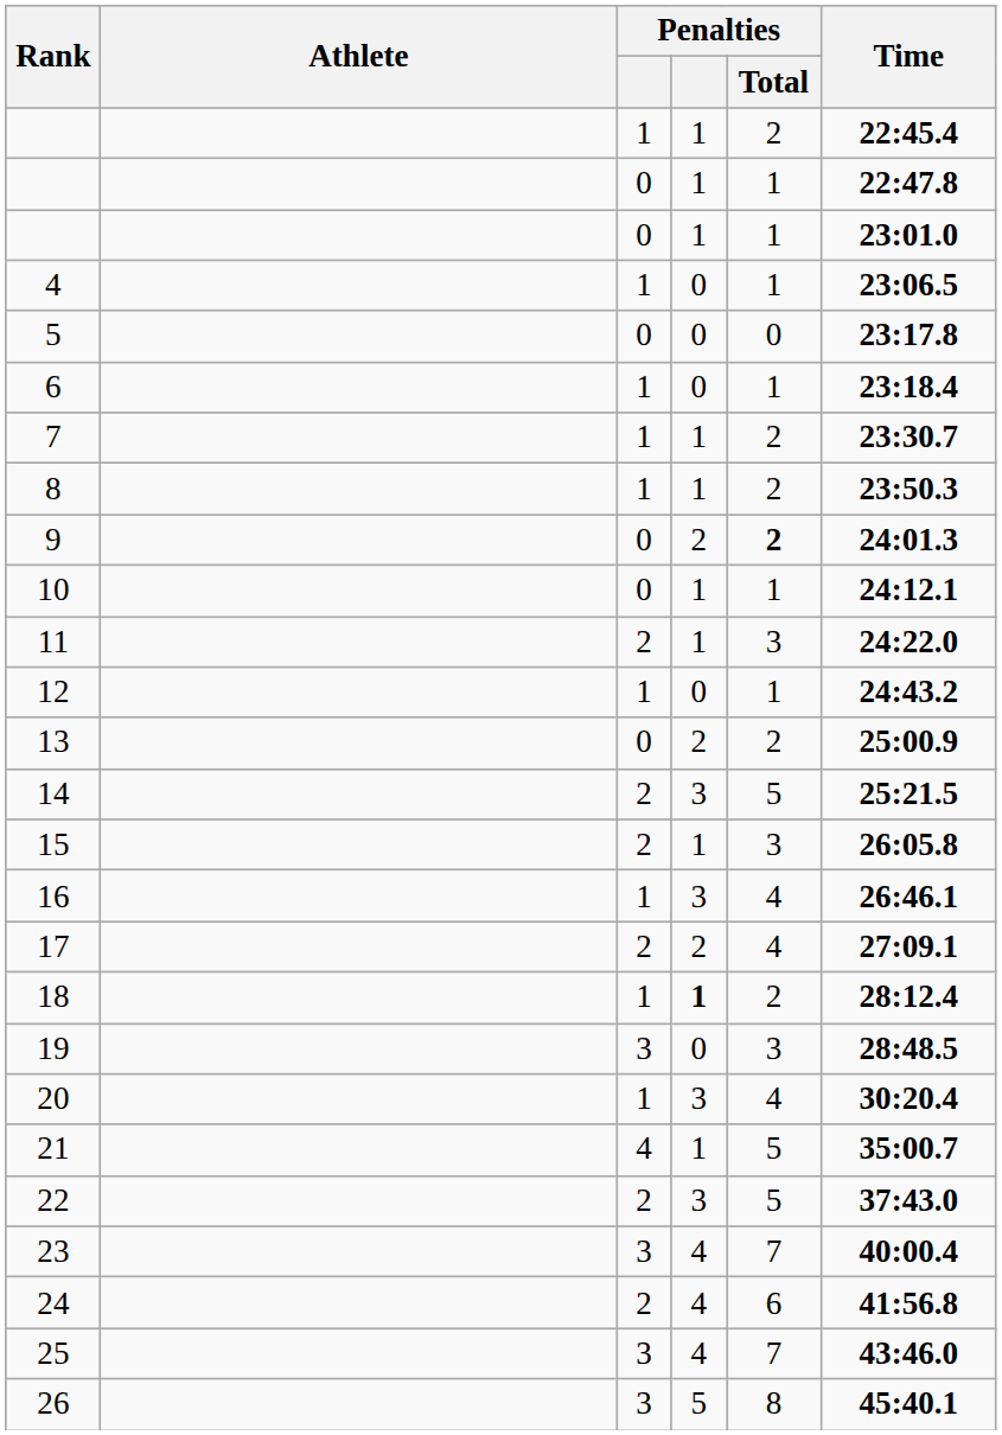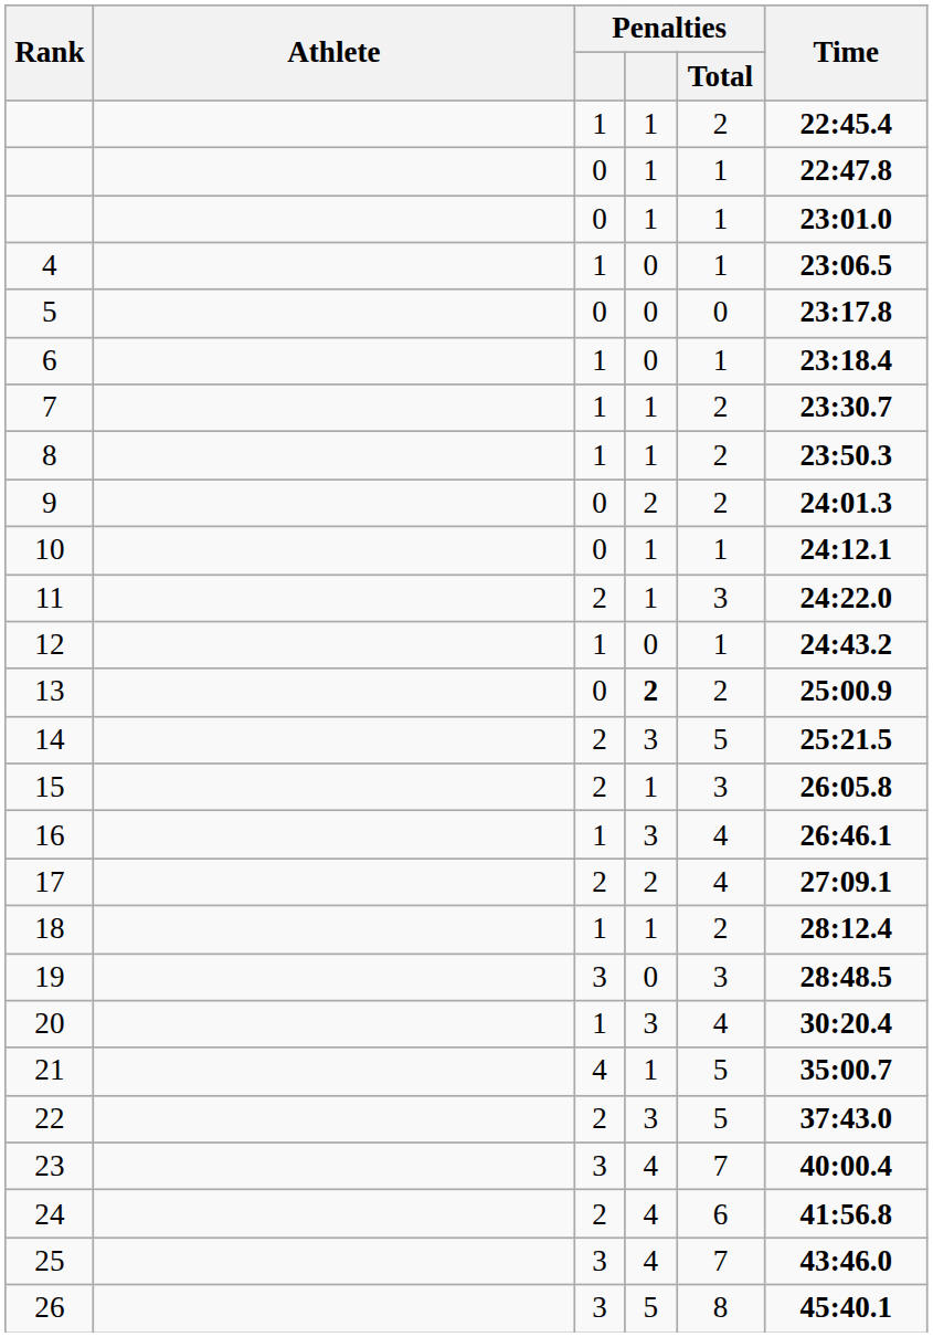 <table class=wikitable style="text-align:center">
 <tr>
 <th rowspan=2 width=40>Rank</th>
 <th rowspan=2 width=250>Athlete</th>
 <th colspan=3>Penalties</th>
 <th rowspan=2 width=80>Time</th>
 </tr>
 <tr>
 <th width=20></th>
 <th width=20></th>
 <th width=40>Total</th>
 </tr>
 <tr>
 <td></td>
 <td align=left></td>
 <td>1</td>
 <td>1</td>
 <td>2</td>
 <td><strong>22:45.4</strong></td>
 </tr>
 <tr>
 <td></td>
 <td align=left></td>
 <td>0</td>
 <td>1</td>
 <td>1</td>
 <td><strong>22:47.8</strong></td>
 </tr>
 <tr>
 <td></td>
 <td align=left></td>
 <td>0</td>
 <td>1</td>
 <td>1</td>
 <td><strong>23:01.0</strong></td>
 </tr>
 <tr>
 <td>4</td>
 <td align=left></td>
 <td>1</td>
 <td>0</td>
 <td>1</td>
 <td><strong>23:06.5</strong></td>
 </tr>
 <tr>
 <td>5</td>
 <td align=left></td>
 <td>0</td>
 <td>0</td>
 <td>0</td>
 <td><strong>23:17.8</strong></td>
 </tr>
 <tr>
 <td>6</td>
 <td align=left></td>
 <td>1</td>
 <td>0</td>
 <td>1</td>
 <td><strong>23:18.4</strong></td>
 </tr>
 <tr>
 <td>7</td>
 <td align=left></td>
 <td>1</td>
 <td>1</td>
 <td>2</td>
 <td><strong>23:30.7</strong></td>
 </tr>
 <tr>
 <td>8</td>
 <td align=left></td>
 <td>1</td>
 <td>1</td>
 <td>2</td>
 <td><strong>23:50.3</strong></td>
 </tr>
 <tr>
 <td>9</td>
 <td align=left></td>
 <td>0</td>
 <td>2</td>
-<td><strong>2</strong></td>
+<td>2</td>
 <td><strong>24:01.3</strong></td>
 </tr>
 <tr>
 <td>10</td>
 <td align=left></td>
 <td>0</td>
 <td>1</td>
 <td>1</td>
 <td><strong>24:12.1</strong></td>
 </tr>
 <tr>
 <td>11</td>
 <td align=left></td>
 <td>2</td>
 <td>1</td>
 <td>3</td>
 <td><strong>24:22.0</strong></td>
 </tr>
 <tr>
 <td>12</td>
 <td align=left></td>
 <td>1</td>
 <td>0</td>
 <td>1</td>
 <td><strong>24:43.2</strong></td>
 </tr>
 <tr>
 <td>13</td>
 <td align=left></td>
 <td>0</td>
-<td>2</td>
+<td><strong>2</strong></td>
 <td>2</td>
 <td><strong>25:00.9</strong></td>
 </tr>
 <tr>
 <td>14</td>
 <td align=left></td>
 <td>2</td>
 <td>3</td>
 <td>5</td>
 <td><strong>25:21.5</strong></td>
 </tr>
 <tr>
 <td>15</td>
 <td align=left></td>
 <td>2</td>
 <td>1</td>
 <td>3</td>
 <td><strong>26:05.8</strong></td>
 </tr>
 <tr>
 <td>16</td>
 <td align=left></td>
 <td>1</td>
 <td>3</td>
 <td>4</td>
 <td><strong>26:46.1</strong></td>
 </tr>
 <tr>
 <td>17</td>
 <td align=left></td>
 <td>2</td>
 <td>2</td>
 <td>4</td>
 <td><strong>27:09.1</strong></td>
 </tr>
 <tr>
 <td>18</td>
 <td align=left></td>
 <td>1</td>
-<td><strong>1</strong></td>
+<td>1</td>
 <td>2</td>
 <td><strong>28:12.4</strong></td>
 </tr>
 <tr>
 <td>19</td>
 <td align=left></td>
 <td>3</td>
 <td>0</td>
 <td>3</td>
 <td><strong>28:48.5</strong></td>
 </tr>
 <tr>
 <td>20</td>
 <td align=left></td>
 <td>1</td>
 <td>3</td>
 <td>4</td>
 <td><strong>30:20.4</strong></td>
 </tr>
 <tr>
 <td>21</td>
 <td align=left></td>
 <td>4</td>
 <td>1</td>
 <td>5</td>
 <td><strong>35:00.7</strong></td>
 </tr>
 <tr>
 <td>22</td>
 <td align=left></td>
 <td>2</td>
 <td>3</td>
 <td>5</td>
 <td><strong>37:43.0</strong></td>
 </tr>
 <tr>
 <td>23</td>
 <td align=left></td>
 <td>3</td>
 <td>4</td>
 <td>7</td>
 <td><strong>40:00.4</strong></td>
 </tr>
 <tr>
 <td>24</td>
 <td align=left></td>
 <td>2</td>
 <td>4</td>
 <td>6</td>
 <td><strong>41:56.8</strong></td>
 </tr>
 <tr>
 <td>25</td>
 <td align=left></td>
 <td>3</td>
 <td>4</td>
 <td>7</td>
 <td><strong>43:46.0</strong></td>
 </tr>
 <tr>
 <td>26</td>
 <td align=left></td>
 <td>3</td>
 <td>5</td>
 <td>8</td>
 <td><strong>45:40.1</strong></td>
 </tr>
 </table>
